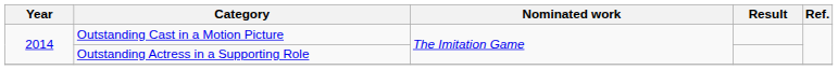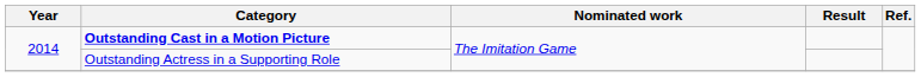 <table class=wikitable>
 <tr>
 <th scope="col" style="width:5em;">Year</th>
 <th scope="col" style="width:26em;">Category</th>
 <th scope="col" style="width:25em;">Nominated work</th>
 <th scope="col" style="width:5em;">Result</th>
 <th>Ref.</th>
 </tr>
 <tr>
 <td style="text-align:center;", rowspan="2"><a href='#'>2014</a></td>
-<td><a href='#'>Outstanding Cast in a Motion Picture</a></td>
+<td><strong><a href='#'>Outstanding Cast in a Motion Picture</a></strong></td>
 <td rowspan="2"><em><a href='#'>The Imitation Game</a></em></td>
 <td></td>
 <td style="text-align:center;", rowspan=2></td>
 </tr>
 <tr>
 <td><a href='#'>Outstanding Actress in a Supporting Role</a></td>
 <td></td>
 </tr>
 <tr>
 </tr>
 </table>
